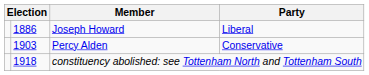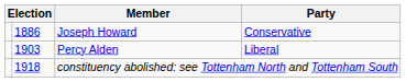 <table class="wikitable">
 <tr>
 <th colspan="2">Election</th>
 <th>Member</th>
 <th>Party</th>
 </tr>
 <tr>
 <td style="color:inherit;background-color: "></td>
 <td><a href='#'>1886</a></td>
 <td><a href='#'>Joseph Howard</a></td>
-<td><a href='#'>Liberal</a></td>
+<td><a href='#'>Conservative</a></td>
 </tr>
 <tr>
 <td style="color:inherit;background-color: "></td>
 <td><a href='#'>1903</a></td>
 <td><a href='#'>Percy Alden</a></td>
-<td><a href='#'>Conservative</a></td>
+<td><a href='#'>Liberal</a></td>
 </tr>
 <tr>
 <td></td>
 <td><a href='#'>1918</a></td>
 <td colspan="2"><em>constituency abolished: see <a href='#'>Tottenham North</a> and <a href='#'>Tottenham South</a></em></td>
 </tr>
 </table>
